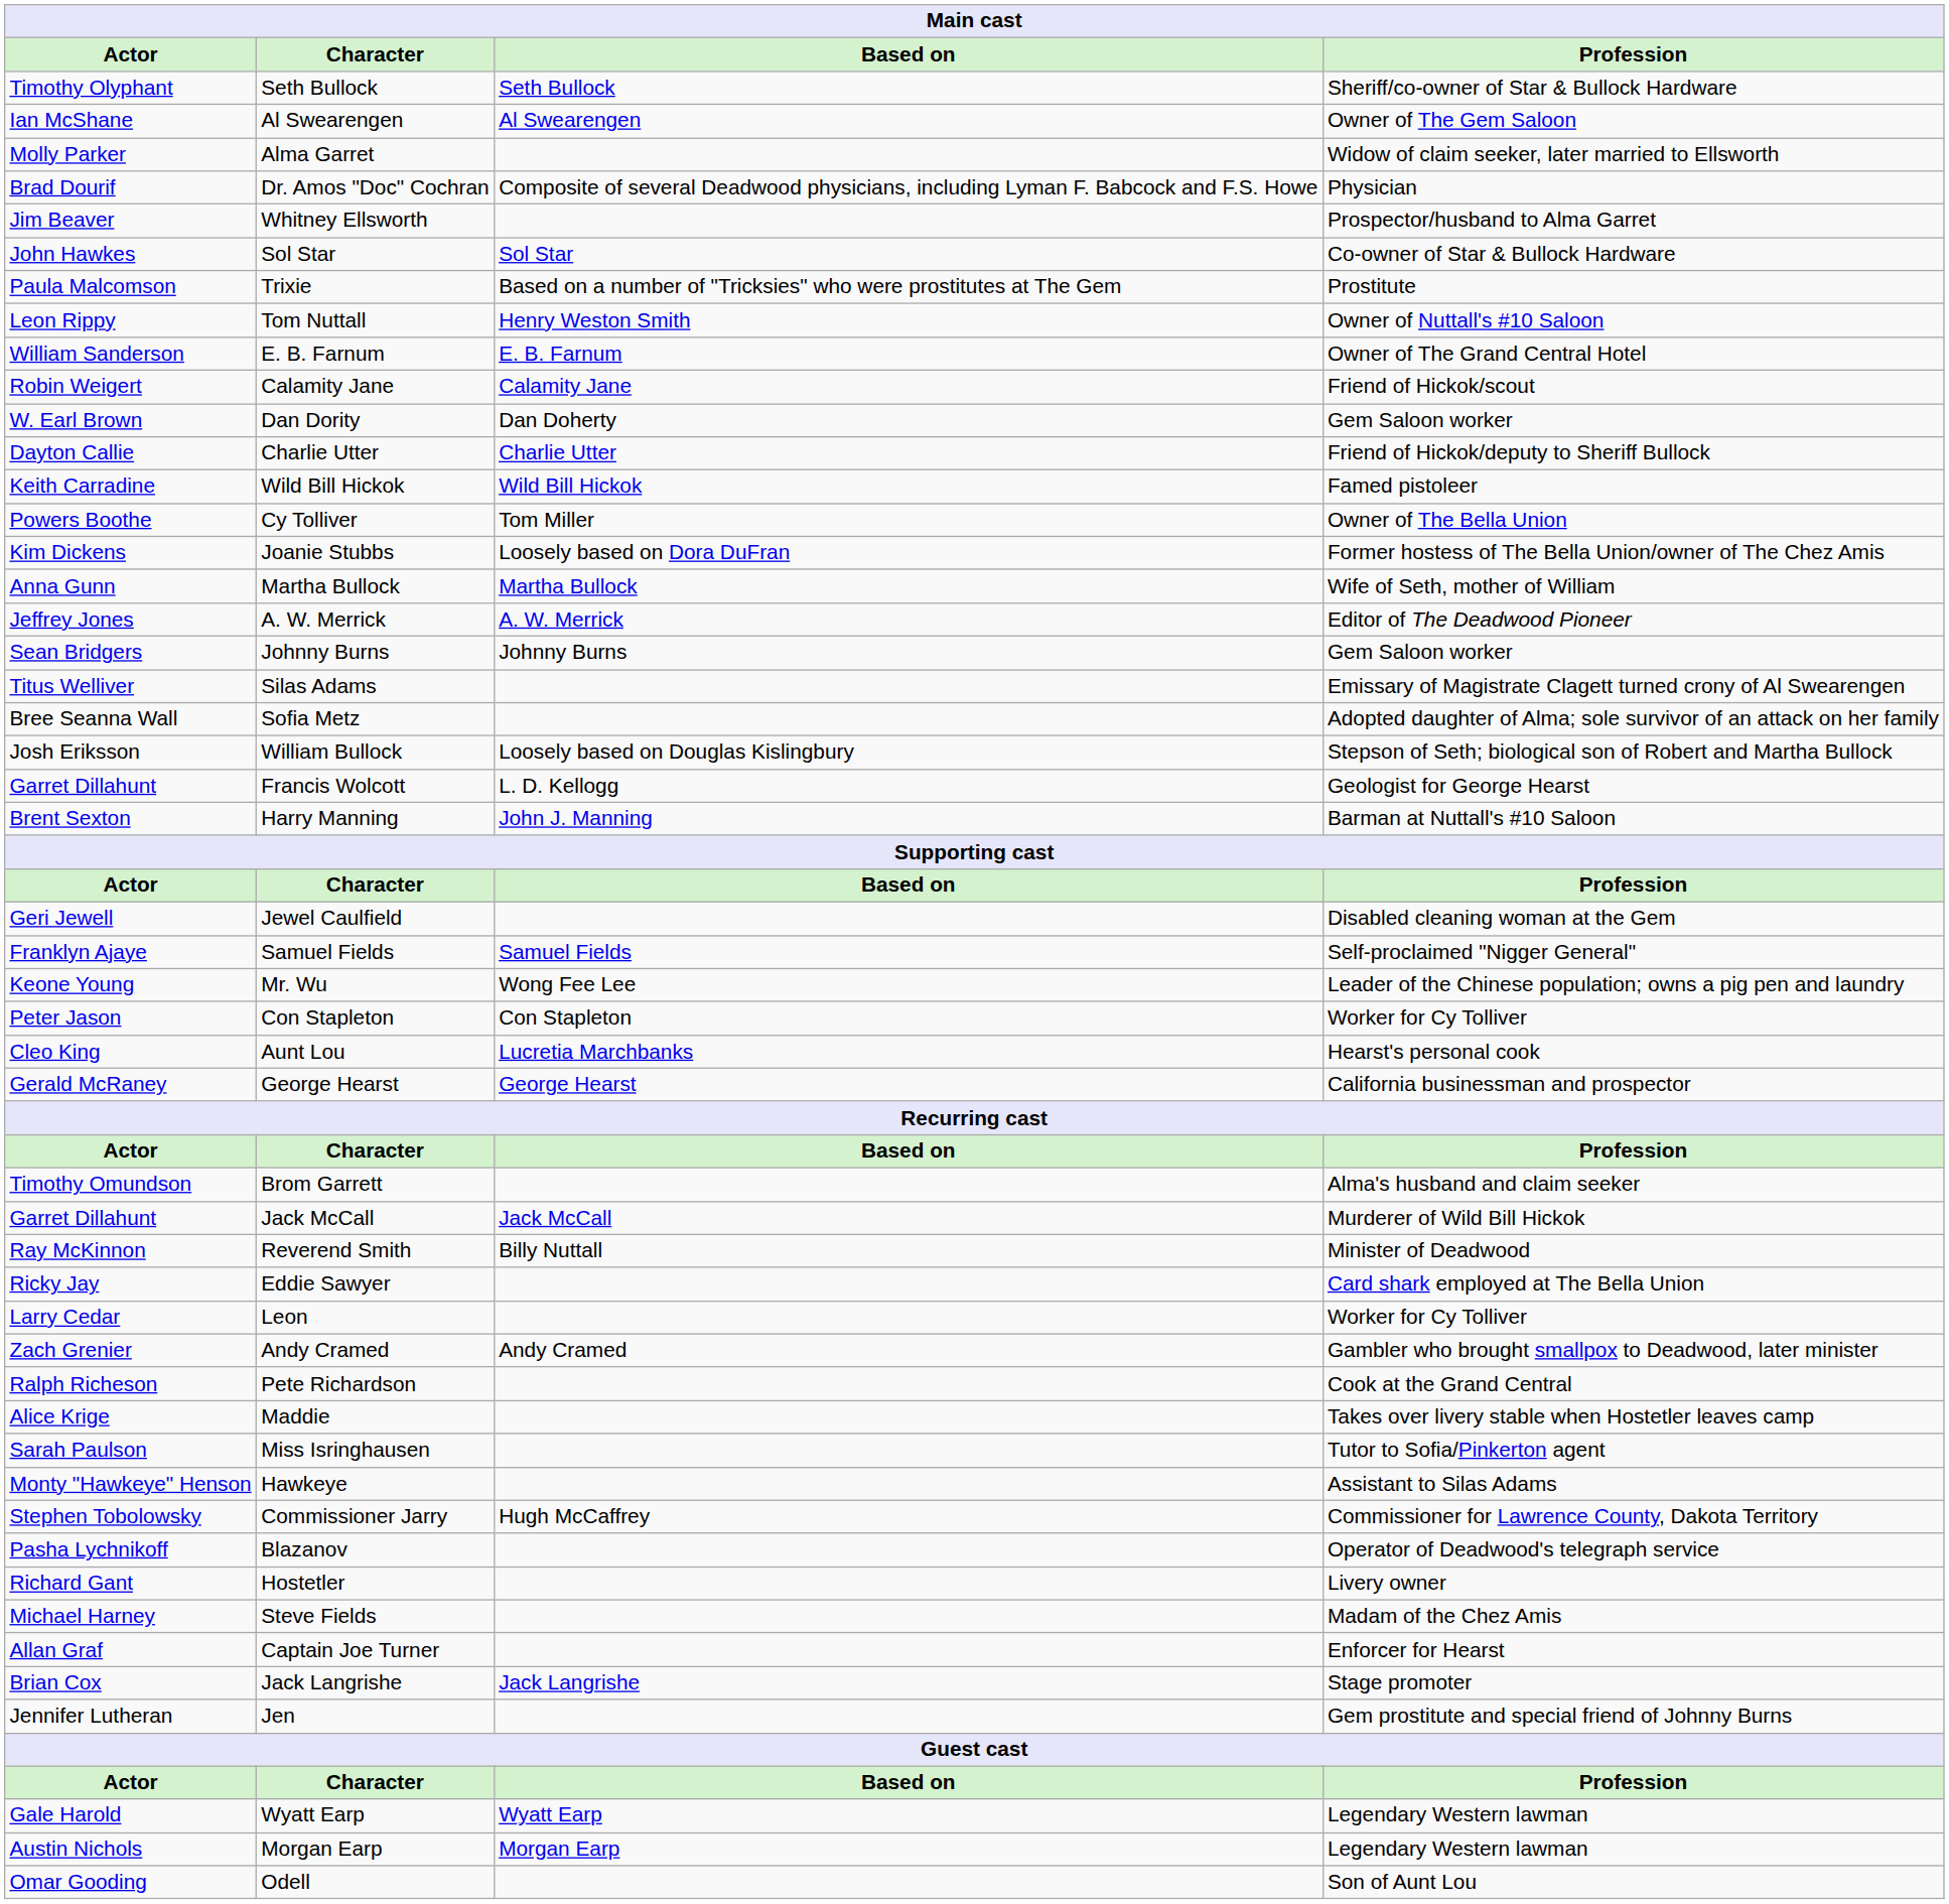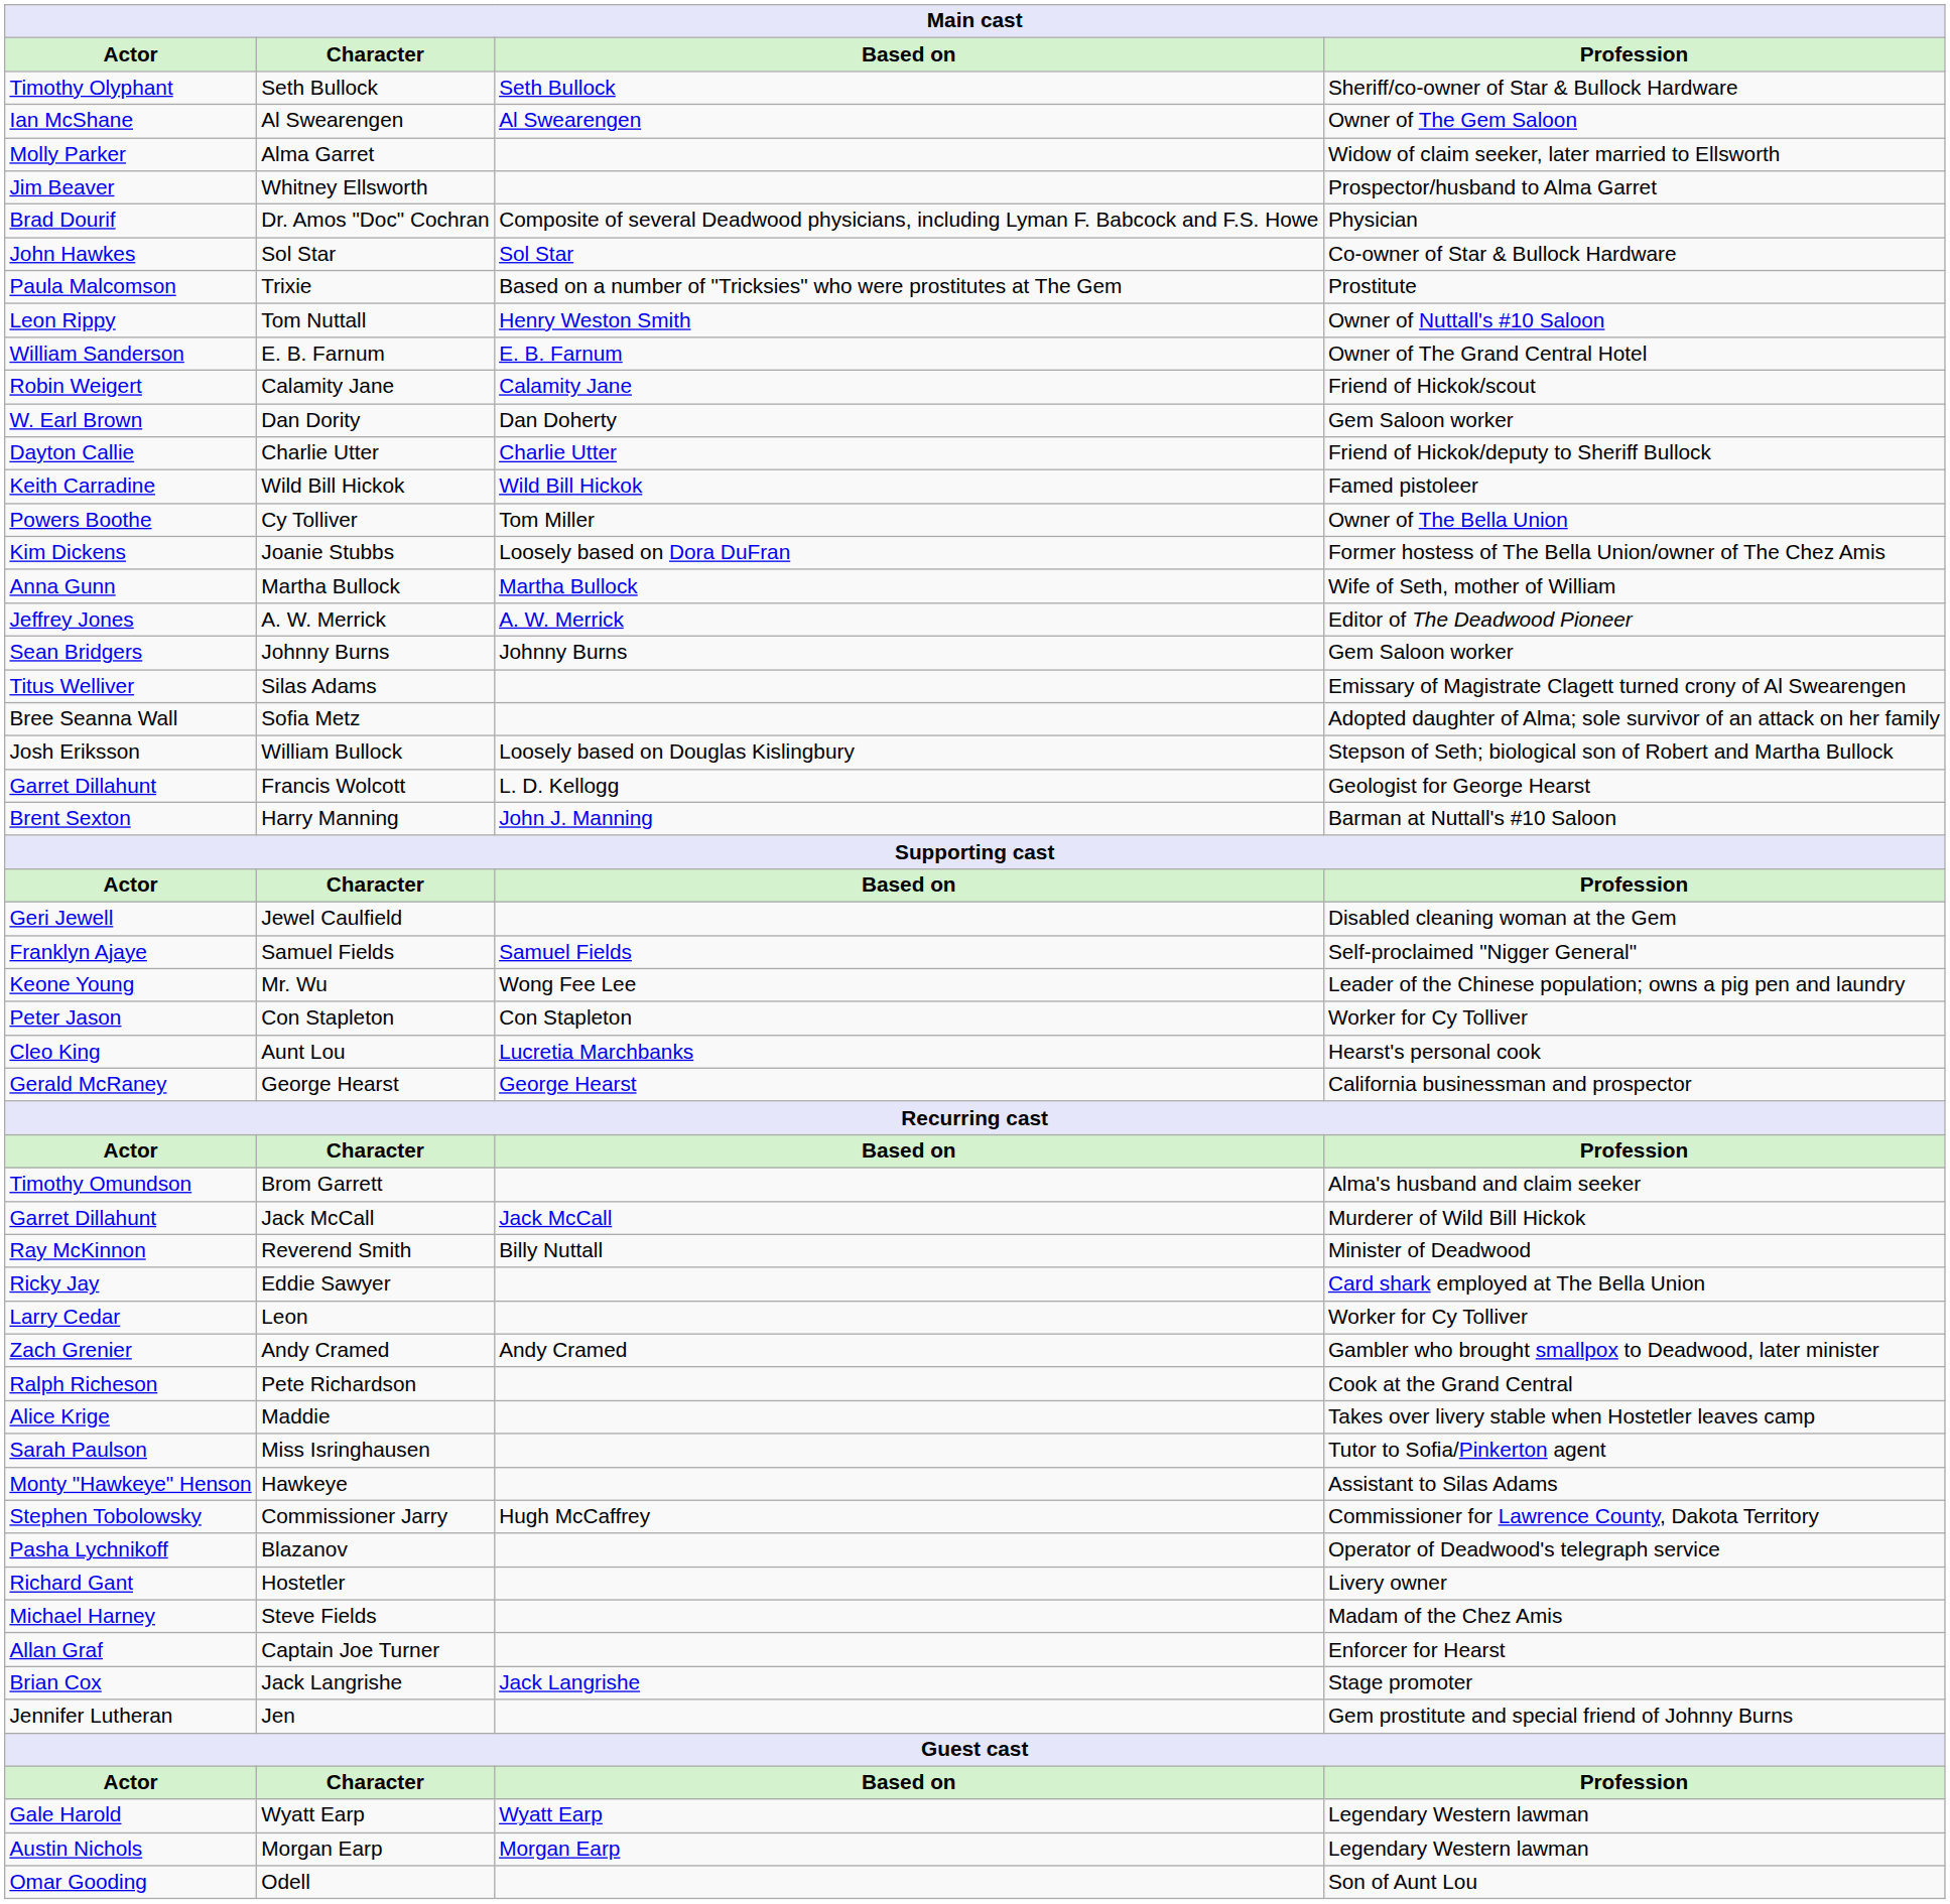 <table class="wikitable">
 <tr>
 <th style="align: center; background: lavender;" colspan="4"><strong>Main cast</strong></th>
 </tr>
 <tr>
 <th style="align: center; background: #D4F2CE;">Actor</th>
 <th style="align: center; background: #D4F2CE;">Character</th>
 <th style="align: center; background: #D4F2CE;">Based on</th>
 <th style="align: center; background: #D4F2CE;">Profession</th>
 </tr>
 <tr>
 <td><a href='#'>Timothy Olyphant</a></td>
 <td>Seth Bullock</td>
 <td><a href='#'>Seth Bullock</a></td>
 <td>Sheriff/co-owner of Star & Bullock Hardware</td>
 </tr>
 <tr>
 <td><a href='#'>Ian McShane</a></td>
 <td>Al Swearengen</td>
 <td><a href='#'>Al Swearengen</a></td>
 <td>Owner of <a href='#'>The Gem Saloon</a></td>
 </tr>
 <tr>
 <td><a href='#'>Molly Parker</a></td>
 <td>Alma Garret</td>
 <td></td>
 <td>Widow of claim seeker, later married to Ellsworth</td>
 </tr>
 <tr>
+<td><a href='#'>Jim Beaver</a></td>
+<td>Whitney Ellsworth</td>
+<td></td>
+<td>Prospector/husband to Alma Garret</td>
+</tr>
+<tr>
 <td><a href='#'>Brad Dourif</a></td>
 <td>Dr. Amos "Doc" Cochran</td>
 <td>Composite of several Deadwood physicians, including Lyman F. Babcock and F.S. Howe</td>
 <td>Physician</td>
-</tr>
-<tr>
-<td><a href='#'>Jim Beaver</a></td>
-<td>Whitney Ellsworth</td>
-<td></td>
-<td>Prospector/husband to Alma Garret</td>
 </tr>
 <tr>
 <td><a href='#'>John Hawkes</a></td>
 <td>Sol Star</td>
 <td><a href='#'>Sol Star</a></td>
 <td>Co-owner of Star & Bullock Hardware</td>
 </tr>
 <tr>
 <td><a href='#'>Paula Malcomson</a></td>
 <td>Trixie</td>
 <td>Based on a number of "Tricksies" who were prostitutes at The Gem</td>
 <td>Prostitute</td>
 </tr>
 <tr>
 <td><a href='#'>Leon Rippy</a></td>
 <td>Tom Nuttall</td>
 <td><a href='#'>Henry Weston Smith</a></td>
 <td>Owner of <a href='#'>Nuttall's #10 Saloon</a></td>
 </tr>
 <tr>
 <td><a href='#'>William Sanderson</a></td>
 <td>E. B. Farnum</td>
 <td><a href='#'>E. B. Farnum</a></td>
 <td>Owner of The Grand Central Hotel</td>
 </tr>
 <tr>
 <td><a href='#'>Robin Weigert</a></td>
 <td>Calamity Jane</td>
 <td><a href='#'>Calamity Jane</a></td>
 <td>Friend of Hickok/scout</td>
 </tr>
 <tr>
 <td><a href='#'>W. Earl Brown</a></td>
 <td>Dan Dority</td>
 <td>Dan Doherty</td>
 <td>Gem Saloon worker</td>
 </tr>
 <tr>
 <td><a href='#'>Dayton Callie</a></td>
 <td>Charlie Utter</td>
 <td><a href='#'>Charlie Utter</a></td>
 <td>Friend of Hickok/deputy to Sheriff Bullock</td>
 </tr>
 <tr>
 <td><a href='#'>Keith Carradine</a></td>
 <td>Wild Bill Hickok</td>
 <td><a href='#'>Wild Bill Hickok</a></td>
 <td>Famed pistoleer</td>
 </tr>
 <tr>
 <td><a href='#'>Powers Boothe</a></td>
 <td>Cy Tolliver</td>
 <td>Tom Miller</td>
 <td>Owner of <a href='#'>The Bella Union</a></td>
 </tr>
 <tr>
 <td><a href='#'>Kim Dickens</a></td>
 <td>Joanie Stubbs</td>
 <td>Loosely based on <a href='#'>Dora DuFran</a></td>
 <td>Former hostess of The Bella Union/owner of The Chez Amis</td>
 </tr>
 <tr>
 <td><a href='#'>Anna Gunn</a></td>
 <td>Martha Bullock</td>
 <td><a href='#'>Martha Bullock</a></td>
 <td>Wife of Seth, mother of William</td>
 </tr>
 <tr>
 <td><a href='#'>Jeffrey Jones</a></td>
 <td>A. W. Merrick</td>
 <td><a href='#'>A. W. Merrick</a></td>
 <td>Editor of <em>The Deadwood Pioneer</em></td>
 </tr>
 <tr>
 <td><a href='#'>Sean Bridgers</a></td>
 <td>Johnny Burns</td>
 <td>Johnny Burns</td>
 <td>Gem Saloon worker</td>
 </tr>
 <tr>
 <td><a href='#'>Titus Welliver</a></td>
 <td>Silas Adams</td>
 <td></td>
 <td>Emissary of Magistrate Clagett turned crony of Al Swearengen</td>
 </tr>
 <tr>
 <td>Bree Seanna Wall</td>
 <td>Sofia Metz</td>
 <td></td>
 <td>Adopted daughter of Alma; sole survivor of an attack on her family</td>
 </tr>
 <tr>
 <td>Josh Eriksson</td>
 <td>William Bullock</td>
 <td>Loosely based on Douglas Kislingbury</td>
 <td>Stepson of Seth; biological son of Robert and Martha Bullock</td>
 </tr>
 <tr>
 <td><a href='#'>Garret Dillahunt</a></td>
 <td>Francis Wolcott</td>
 <td>L. D. Kellogg</td>
 <td>Geologist for George Hearst</td>
 </tr>
 <tr>
 <td><a href='#'>Brent Sexton</a></td>
 <td>Harry Manning</td>
 <td><a href='#'>John J. Manning</a></td>
 <td>Barman at Nuttall's #10 Saloon</td>
 </tr>
 <tr>
 <th style="align: center; background: lavender;" colspan="4"><strong>Supporting cast</strong></th>
 </tr>
 <tr>
 <th style="align: center; background: #D4F2CE;">Actor</th>
 <th style="align: center; background: #D4F2CE;">Character</th>
 <th style="align: center; background: #D4F2CE;">Based on</th>
 <th style="align: center; background: #D4F2CE;">Profession</th>
 </tr>
 <tr>
 <td><a href='#'>Geri Jewell</a></td>
 <td>Jewel Caulfield</td>
 <td></td>
 <td>Disabled cleaning woman at the Gem</td>
 </tr>
 <tr>
 <td><a href='#'>Franklyn Ajaye</a></td>
 <td>Samuel Fields</td>
 <td><a href='#'>Samuel Fields</a></td>
 <td>Self-proclaimed "Nigger General"</td>
 </tr>
 <tr>
 <td><a href='#'>Keone Young</a></td>
 <td>Mr. Wu</td>
 <td>Wong Fee Lee</td>
 <td>Leader of the Chinese population; owns a pig pen and laundry</td>
 </tr>
 <tr>
 <td><a href='#'>Peter Jason</a></td>
 <td>Con Stapleton</td>
 <td>Con Stapleton</td>
 <td>Worker for Cy Tolliver</td>
 </tr>
 <tr>
 <td><a href='#'>Cleo King</a></td>
 <td>Aunt Lou</td>
 <td><a href='#'>Lucretia Marchbanks</a></td>
 <td>Hearst's personal cook</td>
 </tr>
 <tr>
 <td><a href='#'>Gerald McRaney</a></td>
 <td>George Hearst</td>
 <td><a href='#'>George Hearst</a></td>
 <td>California businessman and prospector</td>
 </tr>
 <tr>
 <th style="align: center; background: lavender;" colspan="4"><strong>Recurring cast</strong></th>
 </tr>
 <tr>
 <th style="align: center; background: #D4F2CE;">Actor</th>
 <th style="align: center; background: #D4F2CE;">Character</th>
 <th style="align: center; background: #D4F2CE;">Based on</th>
 <th style="align: center; background: #D4F2CE;">Profession</th>
 </tr>
 <tr>
 <td><a href='#'>Timothy Omundson</a></td>
 <td>Brom Garrett</td>
 <td></td>
 <td>Alma's husband and claim seeker</td>
 </tr>
 <tr>
 <td><a href='#'>Garret Dillahunt</a></td>
 <td>Jack McCall</td>
 <td><a href='#'>Jack McCall</a></td>
 <td>Murderer of Wild Bill Hickok</td>
 </tr>
 <tr>
 <td><a href='#'>Ray McKinnon</a></td>
 <td>Reverend Smith</td>
 <td>Billy Nuttall</td>
 <td>Minister of Deadwood</td>
 </tr>
 <tr>
 <td><a href='#'>Ricky Jay</a></td>
 <td>Eddie Sawyer</td>
 <td></td>
 <td><a href='#'>Card shark</a> employed at The Bella Union</td>
 </tr>
 <tr>
 <td><a href='#'>Larry Cedar</a></td>
 <td>Leon</td>
 <td></td>
 <td>Worker for Cy Tolliver</td>
 </tr>
 <tr>
 <td><a href='#'>Zach Grenier</a></td>
 <td>Andy Cramed</td>
 <td>Andy Cramed</td>
 <td>Gambler who brought <a href='#'>smallpox</a> to Deadwood, later minister</td>
 </tr>
 <tr>
 <td><a href='#'>Ralph Richeson</a></td>
 <td>Pete Richardson</td>
 <td></td>
 <td>Cook at the Grand Central</td>
 </tr>
 <tr>
 <td><a href='#'>Alice Krige</a></td>
 <td>Maddie</td>
 <td></td>
 <td>Takes over livery stable when Hostetler leaves camp</td>
 </tr>
 <tr>
 <td><a href='#'>Sarah Paulson</a></td>
 <td>Miss Isringhausen</td>
 <td></td>
 <td>Tutor to Sofia/<a href='#'>Pinkerton</a> agent</td>
 </tr>
 <tr>
 <td><a href='#'>Monty "Hawkeye" Henson</a></td>
 <td>Hawkeye</td>
 <td></td>
 <td>Assistant to Silas Adams</td>
 </tr>
 <tr>
 <td><a href='#'>Stephen Tobolowsky</a></td>
 <td>Commissioner Jarry</td>
 <td>Hugh McCaffrey</td>
 <td>Commissioner for <a href='#'>Lawrence County</a>, Dakota Territory</td>
 </tr>
 <tr>
 <td><a href='#'>Pasha Lychnikoff</a></td>
 <td>Blazanov</td>
 <td></td>
 <td>Operator of Deadwood's telegraph service</td>
 </tr>
 <tr>
 <td><a href='#'>Richard Gant</a></td>
 <td>Hostetler</td>
 <td></td>
 <td>Livery owner</td>
 </tr>
 <tr>
 <td><a href='#'>Michael Harney</a></td>
 <td>Steve Fields</td>
 <td></td>
 <td>Madam of the Chez Amis</td>
 </tr>
 <tr>
 <td><a href='#'>Allan Graf</a></td>
 <td>Captain Joe Turner</td>
 <td></td>
 <td>Enforcer for Hearst</td>
 </tr>
 <tr>
 <td><a href='#'>Brian Cox</a></td>
 <td>Jack Langrishe</td>
 <td><a href='#'>Jack Langrishe</a></td>
 <td>Stage promoter</td>
 </tr>
 <tr>
 <td>Jennifer Lutheran</td>
 <td>Jen</td>
 <td></td>
 <td>Gem prostitute and special friend of Johnny Burns</td>
 </tr>
 <tr>
 <th style="align: center; background: lavender;" colspan="4"><strong>Guest cast</strong></th>
 </tr>
 <tr>
 <th style="align: center; background: #D4F2CE;">Actor</th>
 <th style="align: center; background: #D4F2CE;">Character</th>
 <th style="align: center; background: #D4F2CE;">Based on</th>
 <th style="align: center; background: #D4F2CE;">Profession</th>
 </tr>
 <tr>
 <td><a href='#'>Gale Harold</a></td>
 <td>Wyatt Earp</td>
 <td><a href='#'>Wyatt Earp</a></td>
 <td>Legendary Western lawman</td>
 </tr>
 <tr>
 <td><a href='#'>Austin Nichols</a></td>
 <td>Morgan Earp</td>
 <td><a href='#'>Morgan Earp</a></td>
 <td>Legendary Western lawman</td>
 </tr>
 <tr>
 <td><a href='#'>Omar Gooding</a></td>
 <td>Odell</td>
 <td></td>
 <td>Son of Aunt Lou</td>
 </tr>
 </table>
